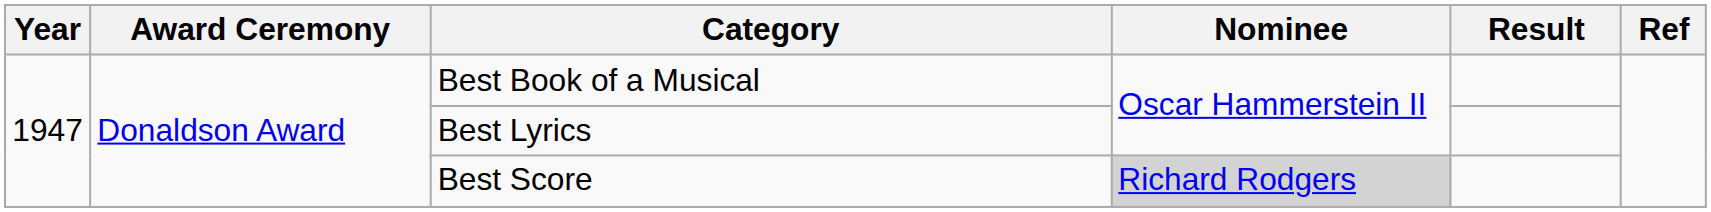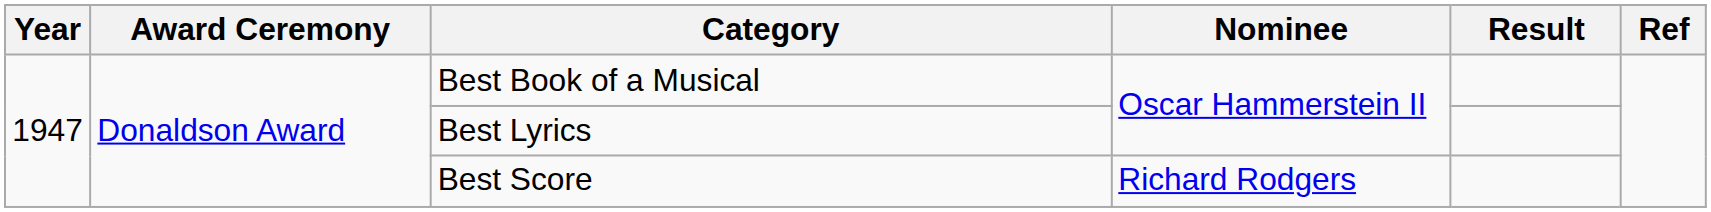 <table class="wikitable" style="margin-right: 0;">
 <tr>
 <th width="5%">Year</th>
 <th width="20%">Award Ceremony</th>
 <th width="40%">Category</th>
 <th width="20%">Nominee</th>
 <th width="10%">Result</th>
 <th width="5%">Ref</th>
 </tr>
 <tr>
 <td rowspan="3" align="center">1947</td>
 <td rowspan="3"><a href='#'>Donaldson Award</a></td>
 <td>Best Book of a Musical</td>
 <td rowspan="2"><a href='#'>Oscar Hammerstein II</a></td>
 <td></td>
 <td rowspan="3" align="center"></td>
 </tr>
 <tr>
 <td>Best Lyrics</td>
 <td></td>
 </tr>
 <tr>
 <td>Best Score</td>
-<td style="background: lightgrey;"><a href='#'>Richard Rodgers</a></td>
+<td><a href='#'>Richard Rodgers</a></td>
 <td></td>
 </tr>
 </table>
